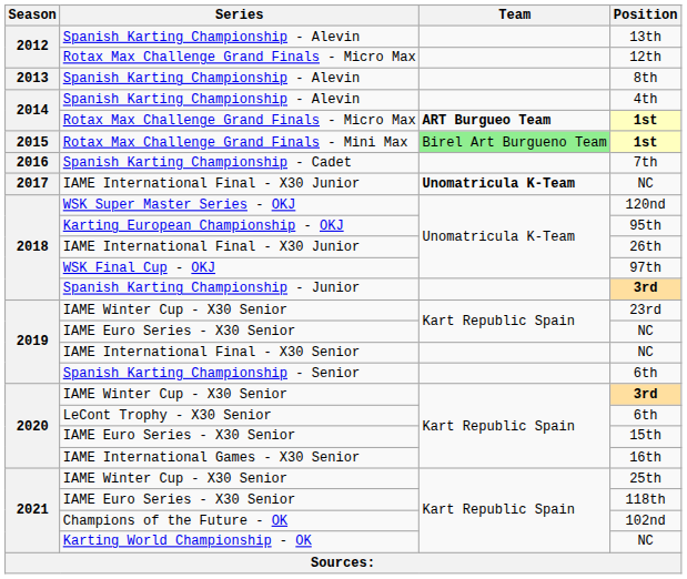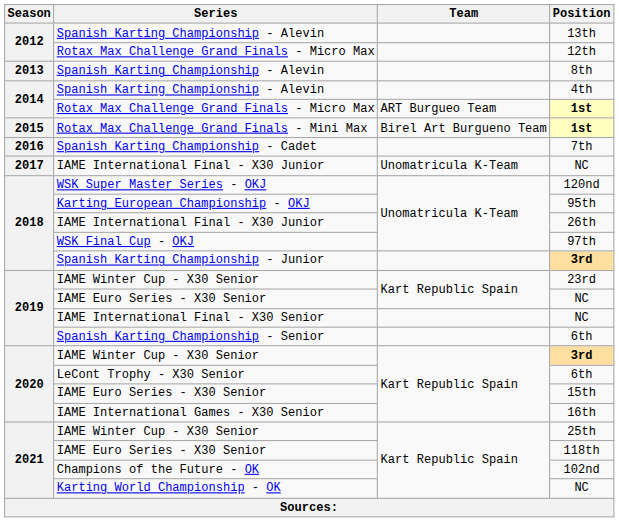 <table class="wikitable" style="font-size: 85%; text-align:center">
 <tr>
 <th>Season</th>
 <th>Series</th>
 <th>Team</th>
 <th>Position</th>
 </tr>
 <tr>
 <th rowspan="2">2012</th>
 <td align="left"><a href='#'>Spanish Karting Championship</a> - Alevin</td>
 <td align="left"></td>
 <td style="background:#;">13th</td>
 </tr>
 <tr>
 <td align="left"><a href='#'>Rotax Max Challenge Grand Finals</a> - Micro Max</td>
 <td align="left"></td>
 <td style="background:#;">12th</td>
 </tr>
 <tr>
 <th>2013</th>
 <td align="left"><a href='#'>Spanish Karting Championship</a> - Alevin</td>
 <td align="left"></td>
 <td style="background:#;">8th</td>
 </tr>
 <tr>
 <th rowspan="2">2014</th>
 <td align="left"><a href='#'>Spanish Karting Championship</a> - Alevin</td>
 <td align="left"></td>
 <td style="background:#;">4th</td>
 </tr>
 <tr>
 <td align="left"><a href='#'>Rotax Max Challenge Grand Finals</a> - Micro Max</td>
-<td align="left"><strong>ART Burgueo Team</strong></td>
+<td align="left">ART Burgueo Team</td>
 <td style="background:#FFFFBF;"><strong>1st</strong></td>
 </tr>
 <tr>
 <th>2015</th>
 <td align="left"><a href='#'>Rotax Max Challenge Grand Finals</a> - Mini Max</td>
-<td align="left" style="background: lightgreen;">Birel Art Burgueno Team</td>
+<td align="left">Birel Art Burgueno Team</td>
 <td style="background:#FFFFBF;"><strong>1st</strong></td>
 </tr>
 <tr>
 <th>2016</th>
 <td align="left"><a href='#'>Spanish Karting Championship</a> - Cadet</td>
 <td align="left"></td>
 <td style="background:#;">7th</td>
 </tr>
 <tr>
 <th>2017</th>
 <td align="left">IAME International Final - X30 Junior</td>
-<td align="left"><strong>Unomatricula K-Team</strong></td>
+<td align="left">Unomatricula K-Team</td>
 <td style="background:#;">NC</td>
 </tr>
 <tr>
 <th rowspan="5">2018</th>
 <td align="left"><a href='#'>WSK Super Master Series</a> - <a href='#'>OKJ</a></td>
 <td align="left" rowspan="4">Unomatricula K-Team</td>
 <td style="background:#;">120nd</td>
 </tr>
 <tr>
 <td align="left"><a href='#'>Karting European Championship</a> - <a href='#'>OKJ</a></td>
 <td style="background:#;">95th</td>
 </tr>
 <tr>
 <td align="left">IAME International Final - X30 Junior</td>
 <td style="background:#;">26th</td>
 </tr>
 <tr>
 <td align="left"><a href='#'>WSK Final Cup</a> - <a href='#'>OKJ</a></td>
 <td style="background:#;">97th</td>
 </tr>
 <tr>
 <td align="left"><a href='#'>Spanish Karting Championship</a> - Junior</td>
 <td align="left"></td>
 <td style="background:#ffdf9f;"><strong>3rd</strong></td>
 </tr>
 <tr>
 <th rowspan="4">2019</th>
 <td align="left">IAME Winter Cup - X30 Senior</td>
 <td align="left" rowspan="2">Kart Republic Spain</td>
 <td style="background:#;">23rd</td>
 </tr>
 <tr>
 <td align="left">IAME Euro Series - X30 Senior</td>
 <td style="background:#;">NC</td>
 </tr>
 <tr>
 <td align="left">IAME International Final - X30 Senior</td>
 <td align="left"></td>
 <td style="background:#;">NC</td>
 </tr>
 <tr>
 <td align="left"><a href='#'>Spanish Karting Championship</a> - Senior</td>
 <td align="left"></td>
 <td style="background:#;">6th</td>
 </tr>
 <tr>
 <th rowspan="4">2020</th>
 <td align="left">IAME Winter Cup - X30 Senior</td>
 <td align="left" rowspan="4">Kart Republic Spain</td>
 <td style="background:#ffdf9f;"><strong>3rd</strong></td>
 </tr>
 <tr>
 <td align="left">LeCont Trophy - X30 Senior</td>
 <td style="background:#;">6th</td>
 </tr>
 <tr>
 <td align="left">IAME Euro Series - X30 Senior</td>
 <td style="background:#;">15th</td>
 </tr>
 <tr>
 <td align="left">IAME International Games - X30 Senior</td>
 <td style="background:#;">16th</td>
 </tr>
 <tr>
 <th rowspan="4">2021</th>
 <td align="left">IAME Winter Cup - X30 Senior</td>
 <td align="left" rowspan="4">Kart Republic Spain</td>
 <td style="background:#;">25th</td>
 </tr>
 <tr>
 <td align="left">IAME Euro Series - X30 Senior</td>
 <td style="background:#;">118th</td>
 </tr>
 <tr>
 <td align="left">Champions of the Future - <a href='#'>OK</a></td>
 <td style="background:#;">102nd</td>
 </tr>
 <tr>
 <td align="left"><a href='#'>Karting World Championship</a> - <a href='#'>OK</a></td>
 <td style="background:#;">NC</td>
 </tr>
 <tr>
 <th colspan="4">Sources:</th>
 </tr>
 </table>
